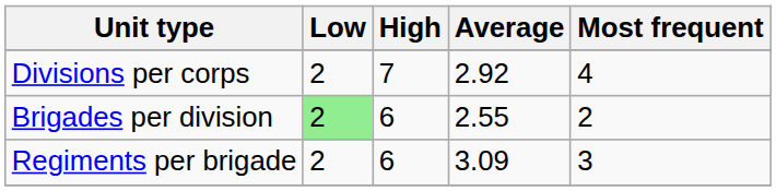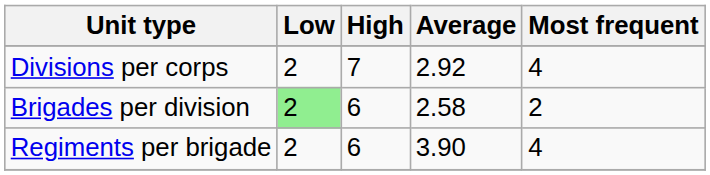 <table class="wikitable" style="display: inline-table;">
 <tr>
 <th><strong>Unit type</strong></th>
 <th><strong>Low</strong></th>
 <th><strong>High</strong></th>
 <th><strong>Average</strong></th>
 <th><strong>Most frequent</strong></th>
 </tr>
 <tr>
 </tr>
 <tr>
 <td><a href='#'>Divisions</a> per corps</td>
 <td>2</td>
 <td>7</td>
 <td>2.92</td>
 <td>4</td>
 </tr>
 <tr>
 <td><a href='#'>Brigades</a> per division</td>
 <td style="background: lightgreen;">2</td>
 <td>6</td>
-<td>2.55</td>
+<td>2.58</td>
 <td>2</td>
 </tr>
 <tr>
 <td><a href='#'>Regiments</a> per brigade</td>
 <td>2</td>
 <td>6</td>
-<td>3.09</td>
-<td>3</td>
+<td>3.90</td>
+<td>4</td>
 </tr>
 <tr>
 </tr>
 </table>
